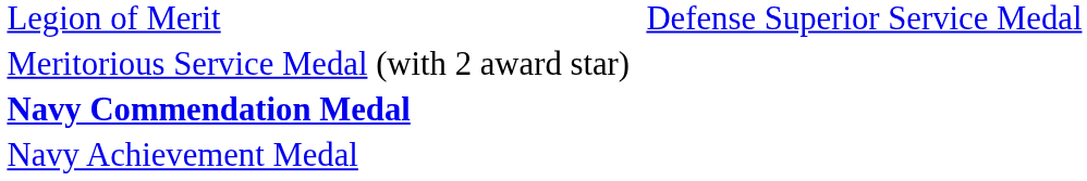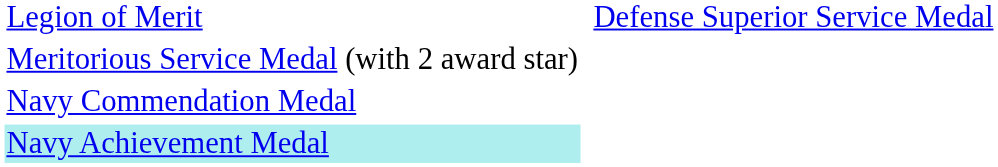 <table>
 <tr>
 <td></td>
 <td><a href='#'>Legion of Merit</a></td>
 <td></td>
 <td><a href='#'>Defense Superior Service Medal</a></td>
 </tr>
 <tr>
 <td></td>
 <td><a href='#'>Meritorious Service Medal</a> (with 2 award star)</td>
 </tr>
 <tr>
 <td></td>
-<td><strong><a href='#'>Navy Commendation Medal</a></strong></td>
+<td><a href='#'>Navy Commendation Medal</a></td>
 </tr>
 <tr>
 <td></td>
-<td><a href='#'>Navy Achievement Medal</a></td>
+<td style="background: paleturquoise;"><a href='#'>Navy Achievement Medal</a></td>
 </tr>
 </table>
